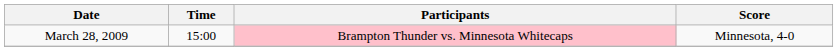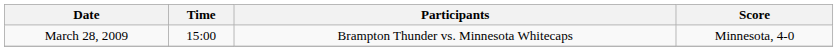 <table class="wikitable" width="80%">
 <tr align="center">
 <th>Date</th>
 <th>Time</th>
 <th>Participants</th>
 <th>Score</th>
 </tr>
 <tr align="center">
 <td>March 28, 2009</td>
 <td>15:00</td>
-<td style="background: pink;">Brampton Thunder vs. Minnesota Whitecaps</td>
+<td>Brampton Thunder vs. Minnesota Whitecaps</td>
 <td>Minnesota, 4-0</td>
 </tr>
 <tr align="center">
 </tr>
 </table>
